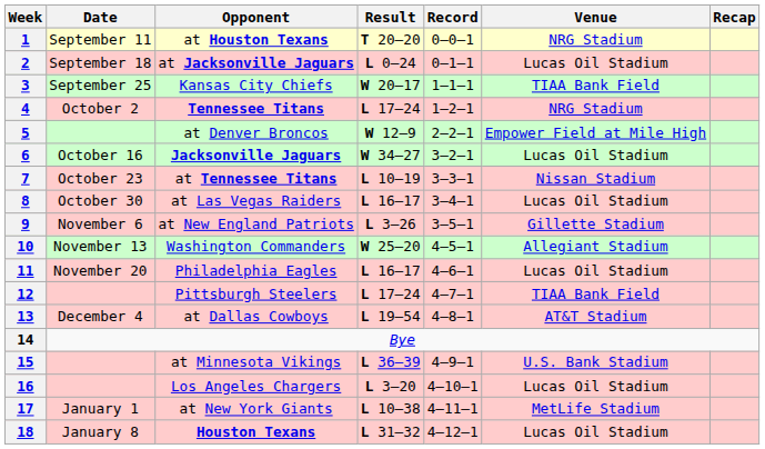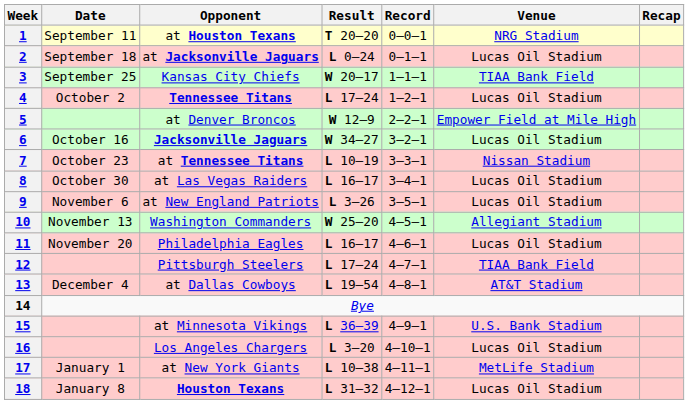 <table class="wikitable" style="text-align:center">
 <tr>
 <th>Week</th>
 <th>Date</th>
 <th>Opponent</th>
 <th>Result</th>
 <th>Record</th>
 <th>Venue</th>
 <th>Recap</th>
 </tr>
 <tr style="background:#ffc">
 <th><a href='#'>1</a></th>
 <td>September 11</td>
 <td>at <strong><a href='#'>Houston Texans</a></strong></td>
 <td><strong>T</strong> 20–20 </td>
 <td>0–0–1</td>
 <td><a href='#'>NRG Stadium</a></td>
 <td></td>
 </tr>
 <tr style="background:#fcc">
 <th><a href='#'>2</a></th>
 <td>September 18</td>
 <td>at <strong><a href='#'>Jacksonville Jaguars</a></strong></td>
 <td><strong>L</strong> 0–24</td>
 <td>0–1–1</td>
 <td>Lucas Oil Stadium</td>
 <td></td>
 </tr>
 <tr style="background:#cfc">
 <th><a href='#'>3</a></th>
 <td>September 25</td>
 <td><a href='#'>Kansas City Chiefs</a></td>
 <td><strong>W</strong> 20–17</td>
 <td>1–1–1</td>
 <td><a href='#'>TIAA Bank Field</a></td>
 <td></td>
 </tr>
 <tr style="background:#fcc">
 <th><a href='#'>4</a></th>
 <td>October 2</td>
 <td><strong><a href='#'>Tennessee Titans</a></strong></td>
 <td><strong>L</strong> 17–24</td>
 <td>1–2–1</td>
-<td><a href='#'>NRG Stadium</a></td>
+<td>Lucas Oil Stadium</td>
 <td></td>
 </tr>
 <tr style="background:#cfc">
 <th><a href='#'>5</a></th>
 <td></td>
 <td>at <a href='#'>Denver Broncos</a></td>
 <td><strong>W</strong> 12–9 </td>
 <td>2–2–1</td>
 <td><a href='#'>Empower Field at Mile High</a></td>
 <td></td>
 </tr>
 <tr style="background:#cfc">
 <th><a href='#'>6</a></th>
 <td>October 16</td>
 <td><strong><a href='#'>Jacksonville Jaguars</a></strong></td>
 <td><strong>W</strong> 34–27</td>
 <td>3–2–1</td>
 <td>Lucas Oil Stadium</td>
 <td></td>
 </tr>
 <tr style="background:#fcc">
 <th><a href='#'>7</a></th>
 <td>October 23</td>
 <td>at <strong><a href='#'>Tennessee Titans</a></strong></td>
 <td><strong>L</strong> 10–19</td>
 <td>3–3–1</td>
 <td><a href='#'>Nissan Stadium</a></td>
 <td></td>
 </tr>
 <tr style="background:#fcc">
 <th><a href='#'>8</a></th>
 <td>October 30</td>
 <td>at <a href='#'>Las Vegas Raiders</a></td>
 <td><strong>L</strong> 16–17</td>
 <td>3–4–1</td>
 <td>Lucas Oil Stadium</td>
 <td></td>
 </tr>
 <tr style="background:#fcc">
 <th><a href='#'>9</a></th>
 <td>November 6</td>
 <td>at <a href='#'>New England Patriots</a></td>
 <td><strong>L</strong> 3–26</td>
 <td>3–5–1</td>
-<td><a href='#'>Gillette Stadium</a></td>
+<td>Lucas Oil Stadium</td>
 <td></td>
 </tr>
 <tr style="background:#cfc">
 <th><a href='#'>10</a></th>
 <td>November 13</td>
 <td><a href='#'>Washington Commanders</a></td>
 <td><strong>W</strong> 25–20</td>
 <td>4–5–1</td>
 <td><a href='#'>Allegiant Stadium</a></td>
 <td></td>
 </tr>
 <tr style="background:#fcc">
 <th><a href='#'>11</a></th>
 <td>November 20</td>
 <td><a href='#'>Philadelphia Eagles</a></td>
 <td><strong>L</strong> 16–17</td>
 <td>4–6–1</td>
 <td>Lucas Oil Stadium</td>
 <td></td>
 </tr>
 <tr style="background:#fcc">
 <th><a href='#'>12</a></th>
 <td></td>
 <td><a href='#'>Pittsburgh Steelers</a></td>
 <td><strong>L</strong> 17–24</td>
 <td>4–7–1</td>
 <td><a href='#'>TIAA Bank Field</a></td>
 <td></td>
 </tr>
 <tr style="background:#fcc">
 <th><a href='#'>13</a></th>
 <td>December 4</td>
 <td>at <a href='#'>Dallas Cowboys</a></td>
 <td><strong>L</strong> 19–54</td>
 <td>4–8–1</td>
 <td><a href='#'>AT&T Stadium</a></td>
 <td></td>
 </tr>
 <tr>
 <th>14</th>
 <td colspan="6"><em><a href='#'>Bye</a></em></td>
 </tr>
 <tr style="background:#fcc">
 <th><a href='#'>15</a></th>
 <td></td>
 <td>at <a href='#'>Minnesota Vikings</a></td>
 <td><strong>L</strong> <a href='#'>36–39 </a></td>
 <td>4–9–1</td>
 <td><a href='#'>U.S. Bank Stadium</a></td>
 <td></td>
 </tr>
 <tr style="background:#fcc">
 <th><a href='#'>16</a></th>
 <td></td>
 <td><a href='#'>Los Angeles Chargers</a></td>
 <td><strong>L</strong> 3–20</td>
 <td>4–10–1</td>
 <td>Lucas Oil Stadium</td>
 <td></td>
 </tr>
 <tr style="background:#fcc">
 <th><a href='#'>17</a></th>
 <td>January 1</td>
 <td>at <a href='#'>New York Giants</a></td>
 <td><strong>L</strong> 10–38</td>
 <td>4–11–1</td>
 <td><a href='#'>MetLife Stadium</a></td>
 <td></td>
 </tr>
 <tr style="background:#fcc">
 <th><a href='#'>18</a></th>
 <td>January 8</td>
 <td><strong><a href='#'>Houston Texans</a></strong></td>
 <td><strong>L</strong> 31–32</td>
 <td>4–12–1</td>
 <td>Lucas Oil Stadium</td>
 <td></td>
 </tr>
 </table>
